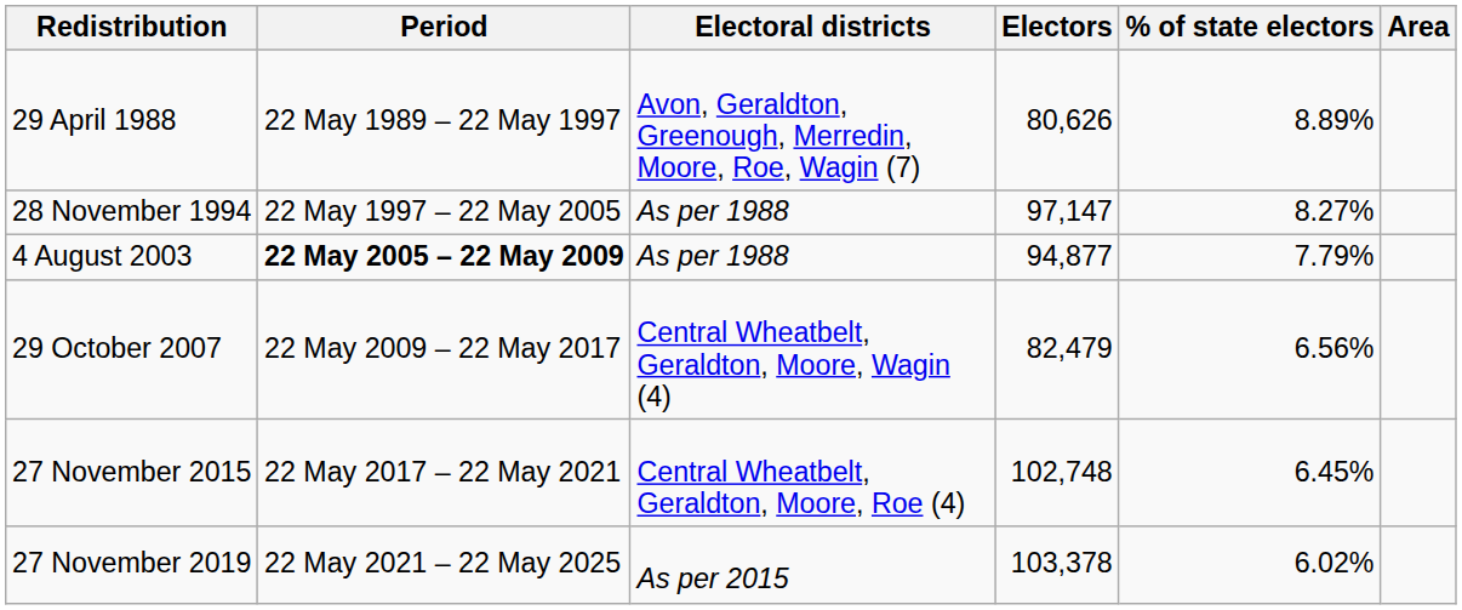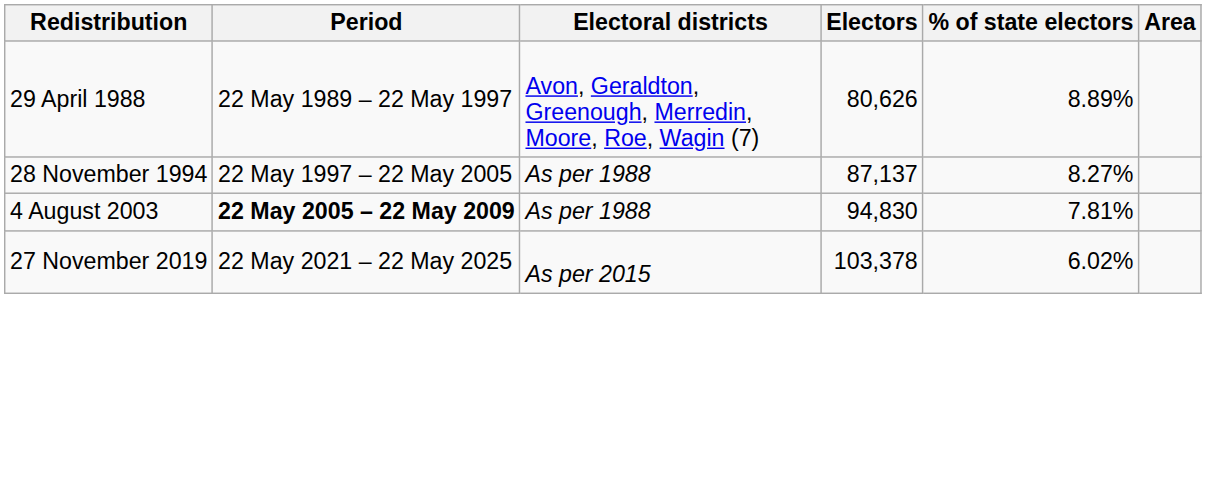 <table class="wikitable">
 <tr>
 <th>Redistribution</th>
 <th>Period</th>
 <th>Electoral districts</th>
 <th>Electors</th>
 <th>% of state electors</th>
 <th>Area</th>
 </tr>
 <tr>
 <td>29 April 1988</td>
 <td>22 May 1989 – 22 May 1997</td>
 <td width = 200><br><a href='#'>Avon</a>,  <a href='#'>Geraldton</a>,  <a href='#'>Greenough</a>,  <a href='#'>Merredin</a>,  <a href='#'>Moore</a>,  <a href='#'>Roe</a>,  <a href='#'>Wagin</a> (7)</td>
 <td align=right>80,626</td>
 <td align=right>8.89%</td>
 <td align=right></td>
 </tr>
 <tr>
 <td>28 November 1994</td>
 <td>22 May 1997 – 22 May 2005</td>
 <td width = 200><em>As per 1988</em></td>
-<td align=right>97,147</td>
+<td align=right>87,137</td>
 <td align=right>8.27%</td>
 <td align=right></td>
 </tr>
 <tr>
 <td>4 August 2003</td>
 <td><strong>22 May 2005 – 22 May 2009</strong></td>
 <td width = 200><em>As per 1988</em></td>
-<td align=right>94,877</td>
-<td align=right>7.79%</td>
-<td align=right></td>
-</tr>
-<tr>
-<td>29 October 2007</td>
-<td>22 May 2009 – 22 May 2017</td>
-<td width = 200><br><a href='#'>Central Wheatbelt</a>,  <a href='#'>Geraldton</a>,  <a href='#'>Moore</a>,  <a href='#'>Wagin</a> (4)</td>
-<td align=right>82,479</td>
-<td align=right>6.56%</td>
-<td align=right></td>
-</tr>
-<tr>
-<td>27 November 2015</td>
-<td>22 May 2017 – 22 May 2021</td>
-<td width = 200><br><a href='#'>Central Wheatbelt</a>,  <a href='#'>Geraldton</a>,  <a href='#'>Moore</a>,  <a href='#'>Roe</a> (4)</td>
-<td align=right>102,748</td>
-<td align=right>6.45%</td>
+<td align=right>94,830</td>
+<td align=right>7.81%</td>
 <td align=right></td>
 </tr>
 <tr>
 <td>27 November 2019</td>
 <td>22 May 2021 – 22 May 2025</td>
 <td width = 200><br><em>As per 2015</em></td>
 <td align=right>103,378</td>
 <td align=right>6.02%</td>
 <td align=right></td>
 </tr>
 </table>
